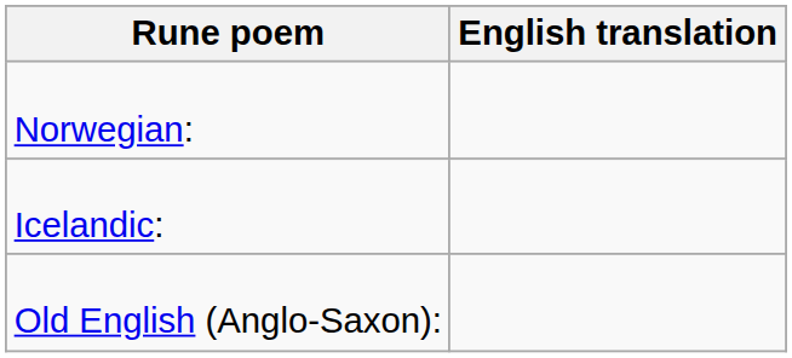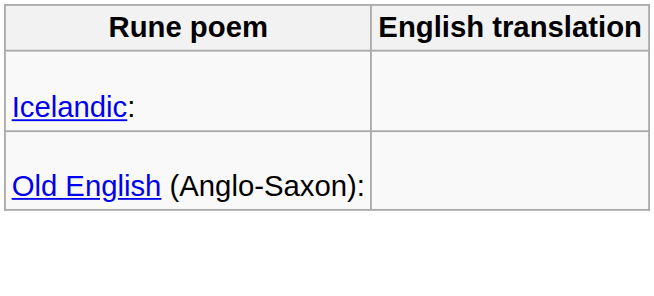 <table class="wikitable">
 <tr>
 <th>Rune poem</th>
 <th>English translation</th>
-</tr>
-<tr>
-<td><br><a href='#'>Norwegian</a>: </td>
-<td><br></td>
 </tr>
 <tr>
 <td><br><a href='#'>Icelandic</a>: </td>
 <td><br></td>
 </tr>
 <tr>
 <td><br><a href='#'>Old English</a> (Anglo-Saxon): </td>
 <td><br></td>
 </tr>
 </table>
